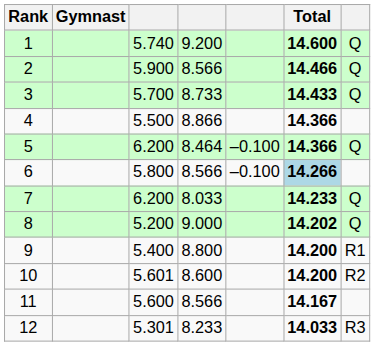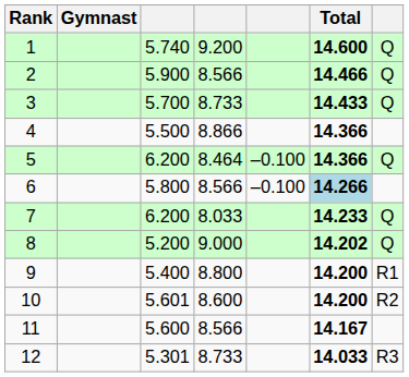 <table class="wikitable sortable" style="text-align:center">
 <tr>
 <th>Rank</th>
 <th>Gymnast</th>
 <th><small></small></th>
 <th><small></small></th>
 <th><small></small></th>
 <th>Total</th>
 <th><small></small></th>
 </tr>
 <tr bgcolor=ccffcc>
 <td>1</td>
 <td align=left></td>
 <td>5.740</td>
 <td>9.200</td>
 <td></td>
 <td><strong>14.600</strong></td>
 <td>Q</td>
 </tr>
 <tr bgcolor=ccffcc>
 <td>2</td>
 <td align=left></td>
 <td>5.900</td>
 <td>8.566</td>
 <td></td>
 <td><strong>14.466</strong></td>
 <td>Q</td>
 </tr>
 <tr bgcolor=ccffcc>
 <td>3</td>
 <td align=left></td>
 <td>5.700</td>
 <td>8.733</td>
 <td></td>
 <td><strong>14.433</strong></td>
 <td>Q</td>
 </tr>
 <tr>
 <td>4</td>
 <td align=left></td>
 <td>5.500</td>
 <td>8.866</td>
 <td></td>
 <td><strong>14.366</strong></td>
 <td></td>
 </tr>
 <tr bgcolor=ccffcc>
 <td>5</td>
 <td align=left></td>
 <td>6.200</td>
 <td>8.464</td>
 <td>–0.100</td>
 <td><strong>14.366</strong></td>
 <td>Q</td>
 </tr>
 <tr>
 <td>6</td>
 <td align=left></td>
 <td>5.800</td>
 <td>8.566</td>
 <td>–0.100</td>
 <td style="background: lightblue;"><strong>14.266</strong></td>
 <td></td>
 </tr>
 <tr bgcolor=ccffcc>
 <td>7</td>
 <td align=left></td>
 <td>6.200</td>
 <td>8.033</td>
 <td></td>
 <td><strong>14.233</strong></td>
 <td>Q</td>
 </tr>
 <tr bgcolor=ccffcc>
 <td>8</td>
 <td align=left></td>
 <td>5.200</td>
 <td>9.000</td>
 <td></td>
 <td><strong>14.202</strong></td>
 <td>Q</td>
 </tr>
 <tr>
 <td>9</td>
 <td align=left></td>
 <td>5.400</td>
 <td>8.800</td>
 <td></td>
 <td><strong>14.200</strong></td>
 <td>R1</td>
 </tr>
 <tr>
 <td>10</td>
 <td align=left></td>
 <td>5.601</td>
 <td>8.600</td>
 <td></td>
 <td><strong>14.200</strong></td>
 <td>R2</td>
 </tr>
 <tr>
 <td>11</td>
 <td align=left></td>
 <td>5.600</td>
 <td>8.566</td>
 <td></td>
 <td><strong>14.167</strong></td>
 <td></td>
 </tr>
 <tr>
 <td>12</td>
 <td align=left></td>
 <td>5.301</td>
-<td>8.233</td>
+<td>8.733</td>
 <td></td>
 <td><strong>14.033</strong></td>
 <td>R3</td>
 </tr>
 </table>
